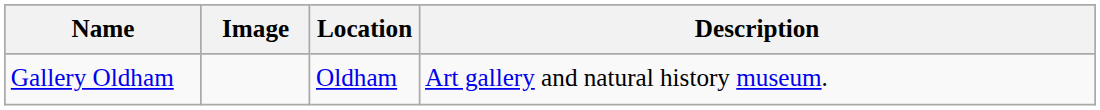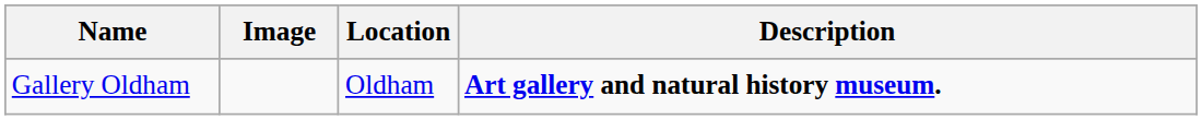 <table class="wikitable sortable" style="font-size:90%;width:100%;border:0px;text-align:left;line-height:150%;">
 <tr>
 <th width="18%">Name</th>
 <th width="10%" class="unsortable">Image</th>
 <th width="10%">Location</th>
 <th width="62%" class="unsortable">Description</th>
 </tr>
 <tr>
 <td><a href='#'>Gallery Oldham</a></td>
 <td></td>
 <td><a href='#'>Oldham</a></td>
-<td><a href='#'>Art gallery</a> and natural history <a href='#'>museum</a>.</td>
+<td><strong><a href='#'>Art gallery</a> and natural history <a href='#'>museum</a>.</strong></td>
 </tr>
 <tr>
 </tr>
 </table>
